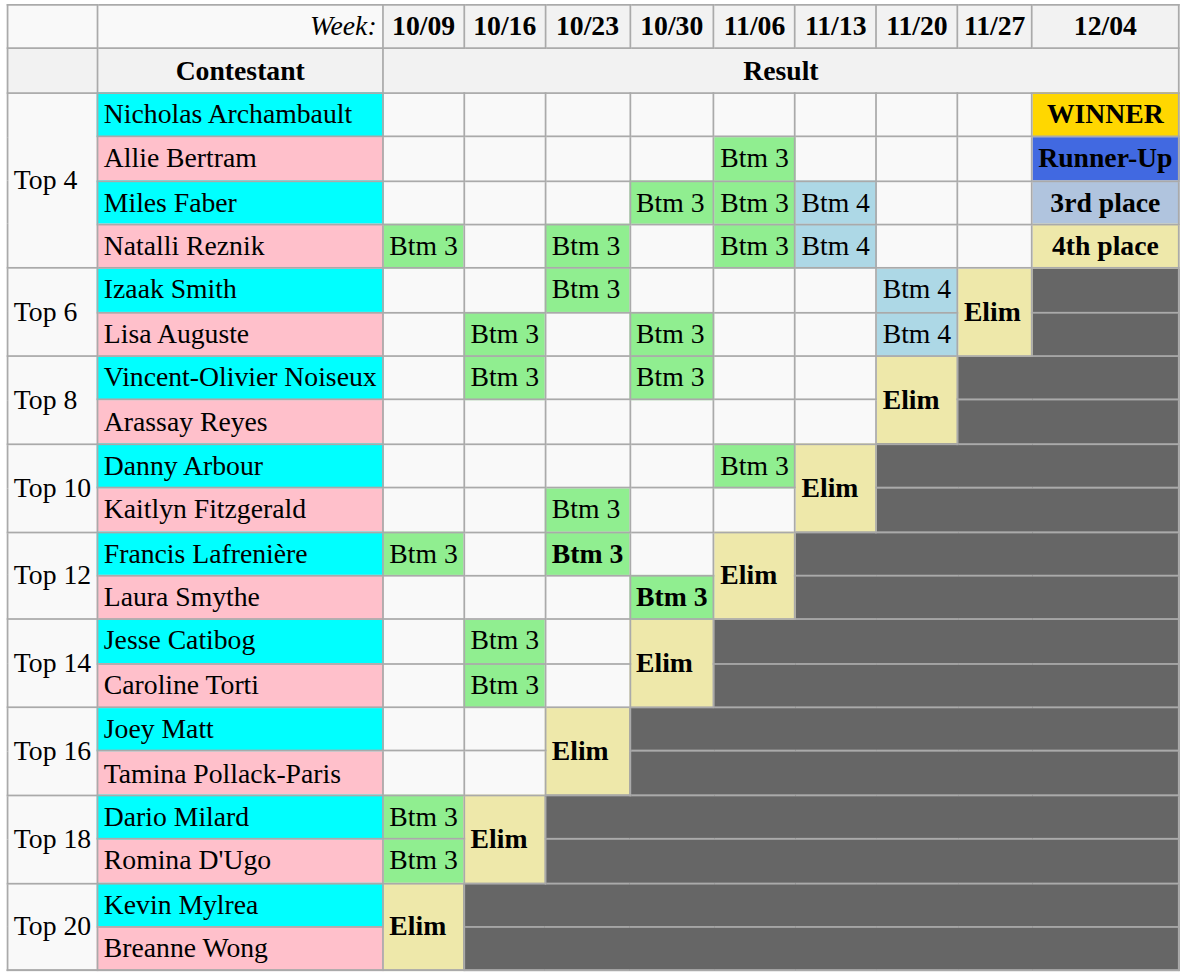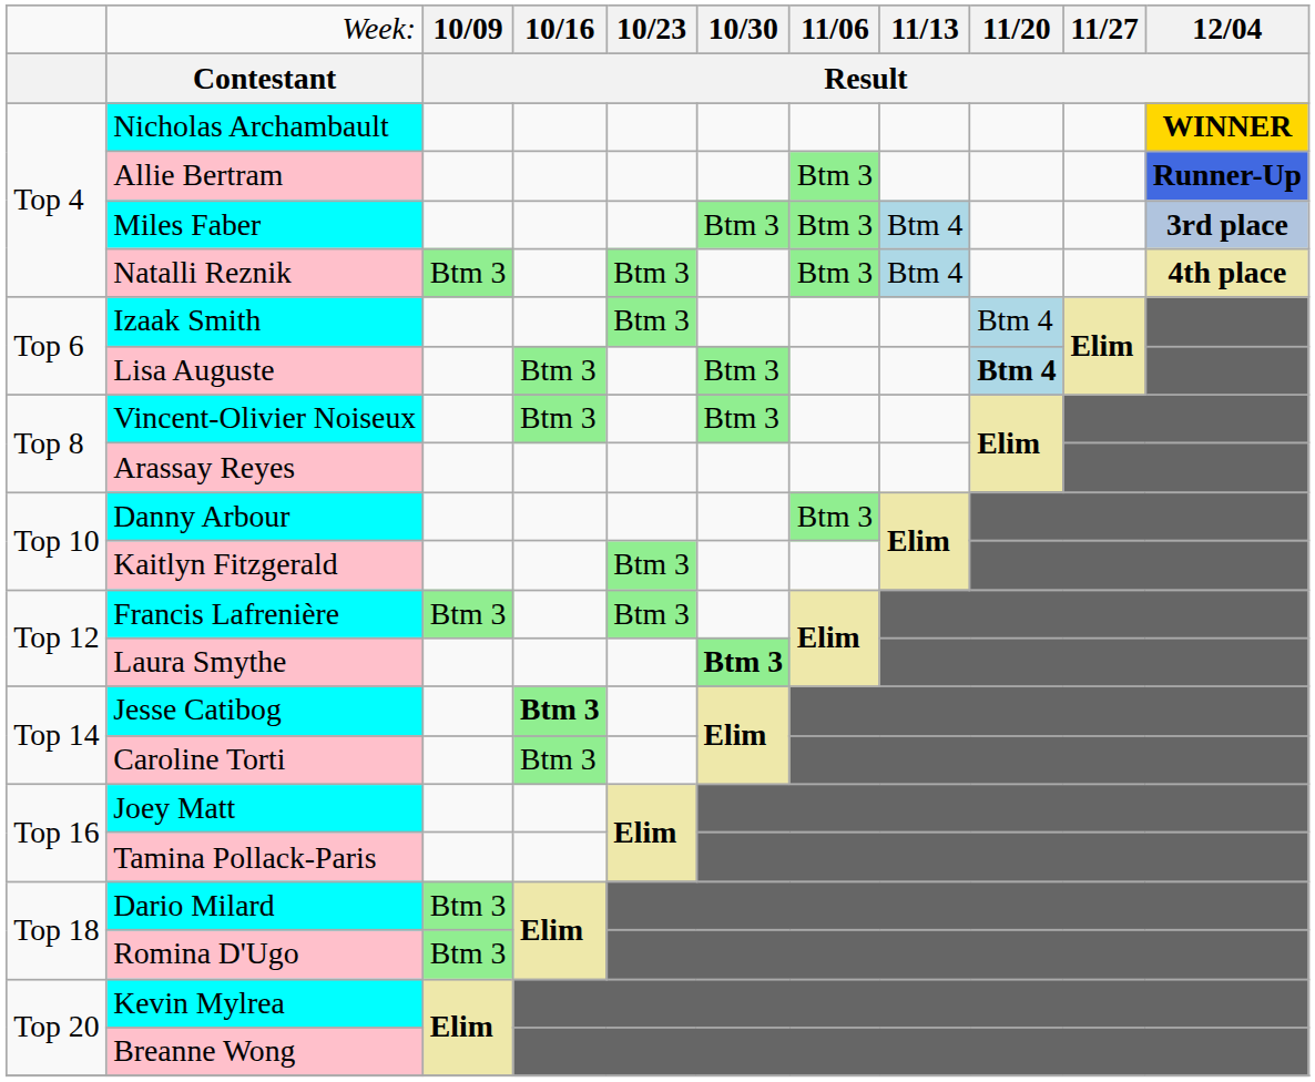 <table class="wikitable" style="margin:1em auto;">
 <tr>
 <td></td>
 <td align="right"><em>Week:</em></td>
 <th>10/09</th>
 <th>10/16</th>
 <th>10/23</th>
 <th>10/30</th>
 <th>11/06</th>
 <th>11/13</th>
 <th>11/20</th>
 <th>11/27</th>
 <th>12/04</th>
 </tr>
 <tr>
 <th></th>
 <th>Contestant</th>
 <th colspan="9" align="center">Result</th>
 </tr>
 <tr>
 <td rowspan="4">Top 4</td>
 <td bgcolor="cyan">Nicholas Archambault</td>
 <td></td>
 <td></td>
 <td></td>
 <td></td>
 <td></td>
 <td></td>
 <td></td>
 <td></td>
 <td bgcolor="gold" align="center"><strong>WINNER</strong></td>
 </tr>
 <tr>
 <td bgcolor="pink">Allie Bertram</td>
 <td></td>
 <td></td>
 <td></td>
 <td></td>
 <td style="background:lightgreen;">Btm 3</td>
 <td></td>
 <td></td>
 <td></td>
 <td bgcolor="royalblue" align="center"><strong>Runner-Up</strong></td>
 </tr>
 <tr>
 <td bgcolor="cyan">Miles Faber</td>
 <td></td>
 <td></td>
 <td></td>
 <td style="background:lightgreen;">Btm 3</td>
 <td style="background:lightgreen;">Btm 3</td>
 <td style="background:lightblue;">Btm 4</td>
 <td></td>
 <td></td>
 <td bgcolor="lightsteelblue" align="center"><strong>3rd place</strong></td>
 </tr>
 <tr>
 <td bgcolor="pink">Natalli Reznik</td>
 <td style="background:lightgreen;">Btm 3</td>
 <td></td>
 <td style="background:lightgreen;">Btm 3</td>
 <td></td>
 <td style="background:lightgreen;">Btm 3</td>
 <td style="background:lightblue;">Btm 4</td>
 <td></td>
 <td></td>
 <td bgcolor="palegoldenrod" align="center"><strong>4th place</strong></td>
 </tr>
 <tr>
 <td rowspan="2">Top 6</td>
 <td bgcolor="cyan">Izaak Smith</td>
 <td></td>
 <td></td>
 <td style="background:lightgreen;">Btm 3</td>
 <td></td>
 <td></td>
 <td></td>
 <td style="background:lightblue;">Btm 4</td>
 <td rowspan="2" bgcolor="palegoldenrod"><strong>Elim</strong></td>
 <td colspan="1" bgcolor="666666"></td>
 </tr>
 <tr>
 <td bgcolor="pink">Lisa Auguste</td>
 <td></td>
 <td style="background:lightgreen;">Btm 3</td>
 <td></td>
 <td style="background:lightgreen;">Btm 3</td>
 <td></td>
 <td></td>
-<td style="background:lightblue;">Btm 4</td>
+<td style="background:lightblue;"><strong>Btm 4</strong></td>
 <td colspan="1" bgcolor="666666"></td>
 </tr>
 <tr>
 <td rowspan="2">Top 8</td>
 <td bgcolor="cyan">Vincent-Olivier Noiseux</td>
 <td></td>
 <td style="background:lightgreen;">Btm 3</td>
 <td></td>
 <td style="background:lightgreen;">Btm 3</td>
 <td></td>
 <td></td>
 <td rowspan="2" bgcolor="palegoldenrod"><strong>Elim</strong></td>
 <td colspan="2" bgcolor="666666"></td>
 </tr>
 <tr>
 <td bgcolor="pink">Arassay Reyes</td>
 <td></td>
 <td></td>
 <td></td>
 <td></td>
 <td></td>
 <td></td>
 <td colspan="2" bgcolor="666666"></td>
 </tr>
 <tr>
 <td rowspan="2">Top 10</td>
 <td bgcolor="cyan">Danny Arbour</td>
 <td></td>
 <td></td>
 <td></td>
 <td></td>
 <td style="background:lightgreen;">Btm 3</td>
 <td rowspan="2" bgcolor="palegoldenrod"><strong>Elim</strong></td>
 <td colspan="3" bgcolor="666666"></td>
 </tr>
 <tr>
 <td bgcolor="pink">Kaitlyn Fitzgerald</td>
 <td></td>
 <td></td>
 <td style="background:lightgreen;">Btm 3</td>
 <td></td>
 <td></td>
 <td colspan="3" bgcolor="666666"></td>
 </tr>
 <tr>
 <td rowspan="2">Top 12</td>
 <td bgcolor="cyan">Francis Lafrenière</td>
 <td style="background:lightgreen;">Btm 3</td>
 <td></td>
-<td style="background:lightgreen;"><strong>Btm 3</strong></td>
+<td style="background:lightgreen;">Btm 3</td>
 <td></td>
 <td rowspan="2" bgcolor="palegoldenrod"><strong>Elim</strong></td>
 <td colspan="4" bgcolor="666666"></td>
 </tr>
 <tr>
 <td bgcolor="pink">Laura Smythe</td>
 <td></td>
 <td></td>
 <td></td>
 <td style="background:lightgreen;"><strong>Btm 3</strong></td>
 <td colspan="4" bgcolor="666666"></td>
 </tr>
 <tr>
 <td rowspan="2">Top 14</td>
 <td bgcolor="cyan">Jesse Catibog</td>
 <td></td>
-<td style="background:lightgreen;">Btm 3</td>
+<td style="background:lightgreen;"><strong>Btm 3</strong></td>
 <td></td>
 <td rowspan="2" bgcolor="palegoldenrod"><strong>Elim</strong></td>
 <td colspan="5" bgcolor="666666"></td>
 </tr>
 <tr>
 <td bgcolor="pink">Caroline Torti</td>
 <td></td>
 <td style="background:lightgreen;">Btm 3</td>
 <td></td>
 <td colspan="5" bgcolor="666666"></td>
 </tr>
 <tr>
 <td rowspan="2">Top 16</td>
 <td bgcolor="cyan">Joey Matt</td>
 <td></td>
 <td></td>
 <td rowspan="2" bgcolor="palegoldenrod"><strong>Elim</strong></td>
 <td colspan="6" bgcolor="666666"></td>
 </tr>
 <tr>
 <td bgcolor="pink">Tamina Pollack-Paris</td>
 <td></td>
 <td></td>
 <td colspan="6" bgcolor="666666"></td>
 </tr>
 <tr>
 <td rowspan="2">Top 18</td>
 <td bgcolor="cyan">Dario Milard</td>
 <td style="background:lightgreen;">Btm 3</td>
 <td rowspan="2" bgcolor="palegoldenrod"><strong>Elim</strong></td>
 <td colspan="7" bgcolor="666666"></td>
 </tr>
 <tr>
 <td bgcolor="pink">Romina D'Ugo</td>
 <td style="background:lightgreen;">Btm 3</td>
 <td colspan="7" bgcolor="666666"></td>
 </tr>
 <tr>
 <td rowspan="2">Top 20</td>
 <td bgcolor="cyan">Kevin Mylrea</td>
 <td rowspan="2" bgcolor="palegoldenrod"><strong>Elim</strong></td>
 <td colspan="8" bgcolor="666666"></td>
 </tr>
 <tr>
 <td bgcolor="pink">Breanne Wong</td>
 <td colspan="8" bgcolor="666666"></td>
 </tr>
 <tr>
 </tr>
 </table>
